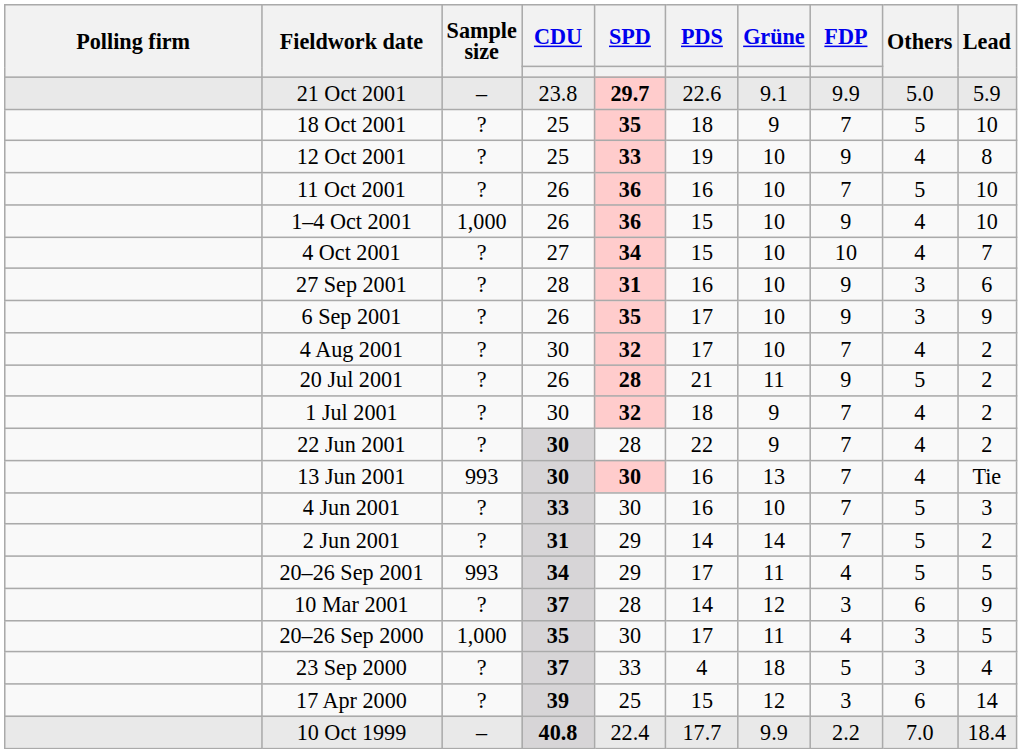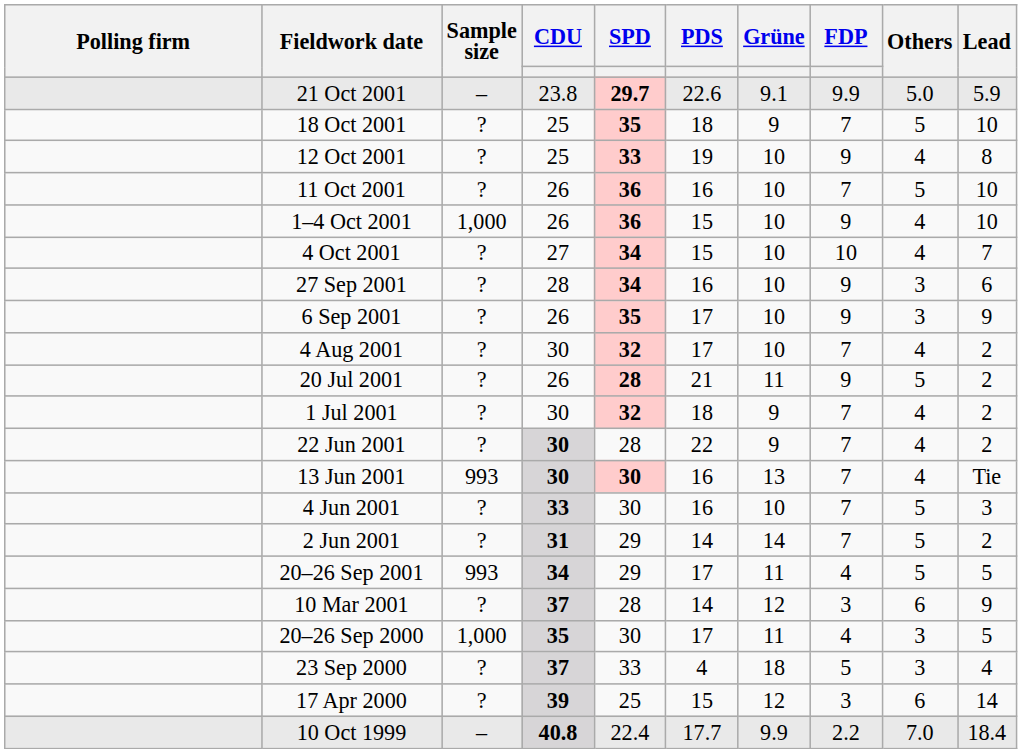 <table class="wikitable sortable" style="text-align:center;font-size:90%;line-height:14px;">
 <tr style="height:40px;">
 <th style="width:160px;" rowspan="2">Polling firm</th>
 <th style="width:110px;" rowspan="2">Fieldwork date</th>
 <th style="width:35px;" rowspan="2">Sample<br>size</th>
 <th class="unsortable" style="width:40px;"><a href='#'>CDU</a></th>
 <th class="unsortable" style="width:40px;"><a href='#'>SPD</a></th>
 <th class="unsortable" style="width:40px;"><a href='#'>PDS</a></th>
 <th class="unsortable" style="width:40px;"><a href='#'>Grüne</a></th>
 <th class="unsortable" style="width:40px;"><a href='#'>FDP</a></th>
 <th class="unsortable" style="width:40px;" rowspan="2">Others</th>
 <th style="width:30px;" rowspan="2">Lead</th>
 </tr>
 <tr>
 <th style="background:"></th>
 <th style="background:"></th>
 <th style="background:"></th>
 <th style="background:"></th>
 <th style="background:"></th>
 </tr>
 <tr style="background:#E9E9E9;">
 <td></td>
 <td data-sort-value="2001-10-21">21 Oct 2001</td>
 <td>–</td>
 <td>23.8</td>
 <td style="background:#FFCCCC;"><strong>29.7</strong></td>
 <td>22.6</td>
 <td>9.1</td>
 <td>9.9</td>
 <td>5.0</td>
 <td style="background:">5.9</td>
 </tr>
 <tr>
 <td></td>
 <td data-sort-value="2001-10-18">18 Oct 2001</td>
 <td>?</td>
 <td>25</td>
 <td style="background:#FFCCCC;"><strong>35</strong></td>
 <td>18</td>
 <td>9</td>
 <td>7</td>
 <td>5</td>
 <td style="background:">10</td>
 </tr>
 <tr>
 <td></td>
 <td data-sort-value="2001-10-12">12 Oct 2001</td>
 <td>?</td>
 <td>25</td>
 <td style="background:#FFCCCC;"><strong>33</strong></td>
 <td>19</td>
 <td>10</td>
 <td>9</td>
 <td>4</td>
 <td style="background:">8</td>
 </tr>
 <tr>
 <td></td>
 <td data-sort-value="2001-10-11">11 Oct 2001</td>
 <td>?</td>
 <td>26</td>
 <td style="background:#FFCCCC;"><strong>36</strong></td>
 <td>16</td>
 <td>10</td>
 <td>7</td>
 <td>5</td>
 <td style="background:">10</td>
 </tr>
 <tr>
 <td></td>
 <td data-sort-value="2001-10-05">1–4 Oct 2001</td>
 <td>1,000</td>
 <td>26</td>
 <td style="background:#FFCCCC;"><strong>36</strong></td>
 <td>15</td>
 <td>10</td>
 <td>9</td>
 <td>4</td>
 <td style="background:">10</td>
 </tr>
 <tr>
 <td></td>
 <td data-sort-value="2001-10-04">4 Oct 2001</td>
 <td>?</td>
 <td>27</td>
 <td style="background:#FFCCCC;"><strong>34</strong></td>
 <td>15</td>
 <td>10</td>
 <td>10</td>
 <td>4</td>
 <td style="background:">7</td>
 </tr>
 <tr>
 <td></td>
 <td data-sort-value="2001-09-27">27 Sep 2001</td>
 <td>?</td>
 <td>28</td>
-<td style="background:#FFCCCC;"><strong>31</strong></td>
+<td style="background:#FFCCCC;"><strong>34</strong></td>
 <td>16</td>
 <td>10</td>
 <td>9</td>
 <td>3</td>
 <td style="background:">6</td>
 </tr>
 <tr>
 <td></td>
 <td data-sort-value="2001-09-06">6 Sep 2001</td>
 <td>?</td>
 <td>26</td>
 <td style="background:#FFCCCC;"><strong>35</strong></td>
 <td>17</td>
 <td>10</td>
 <td>9</td>
 <td>3</td>
 <td style="background:">9</td>
 </tr>
 <tr>
 <td></td>
 <td data-sort-value="2001-08-04">4 Aug 2001</td>
 <td>?</td>
 <td>30</td>
 <td style="background:#FFCCCC;"><strong>32</strong></td>
 <td>17</td>
 <td>10</td>
 <td>7</td>
 <td>4</td>
 <td style="background:">2</td>
 </tr>
 <tr>
 <td></td>
 <td data-sort-value="2001-07-20">20 Jul 2001</td>
 <td>?</td>
 <td>26</td>
 <td style="background:#FFCCCC;"><strong>28</strong></td>
 <td>21</td>
 <td>11</td>
 <td>9</td>
 <td>5</td>
 <td style="background:">2</td>
 </tr>
 <tr>
 <td></td>
 <td data-sort-value="2001-07-01">1 Jul 2001</td>
 <td>?</td>
 <td>30</td>
 <td style="background:#FFCCCC;"><strong>32</strong></td>
 <td>18</td>
 <td>9</td>
 <td>7</td>
 <td>4</td>
 <td style="background:">2</td>
 </tr>
 <tr>
 <td></td>
 <td data-sort-value="2001-06-22">22 Jun 2001</td>
 <td>?</td>
 <td style="background:#D7D5D7;"><strong>30</strong></td>
 <td>28</td>
 <td>22</td>
 <td>9</td>
 <td>7</td>
 <td>4</td>
 <td style="background:">2</td>
 </tr>
 <tr>
 <td></td>
 <td data-sort-value="2001-06-13">13 Jun 2001</td>
 <td>993</td>
 <td style="background:#D7D5D7;"><strong>30</strong></td>
 <td style="background:#FFCCCC;"><strong>30</strong></td>
 <td>16</td>
 <td>13</td>
 <td>7</td>
 <td>4</td>
 <td data-sort-value="0">Tie</td>
 </tr>
 <tr>
 <td></td>
 <td data-sort-value="2001-06-04">4 Jun 2001</td>
 <td>?</td>
 <td style="background:#D7D5D7;"><strong>33</strong></td>
 <td>30</td>
 <td>16</td>
 <td>10</td>
 <td>7</td>
 <td>5</td>
 <td style="background:">3</td>
 </tr>
 <tr>
 <td></td>
 <td data-sort-value="2001-06-02">2 Jun 2001</td>
 <td>?</td>
 <td style="background:#D7D5D7;"><strong>31</strong></td>
 <td>29</td>
 <td>14</td>
 <td>14</td>
 <td>7</td>
 <td>5</td>
 <td style="background:">2</td>
 </tr>
 <tr>
 <td></td>
 <td data-sort-value="2001-03-17">20–26 Sep 2001</td>
 <td>993</td>
 <td style="background:#D7D5D7;"><strong>34</strong></td>
 <td>29</td>
 <td>17</td>
 <td>11</td>
 <td>4</td>
 <td>5</td>
 <td style="background:">5</td>
 </tr>
 <tr>
 <td></td>
 <td data-sort-value="2001-03-10">10 Mar 2001</td>
 <td>?</td>
 <td style="background:#D7D5D7;"><strong>37</strong></td>
 <td>28</td>
 <td>14</td>
 <td>12</td>
 <td>3</td>
 <td>6</td>
 <td style="background:">9</td>
 </tr>
 <tr>
 <td></td>
 <td data-sort-value="2000-09-30">20–26 Sep 2000</td>
 <td>1,000</td>
 <td style="background:#D7D5D7;"><strong>35</strong></td>
 <td>30</td>
 <td>17</td>
 <td>11</td>
 <td>4</td>
 <td>3</td>
 <td style="background:">5</td>
 </tr>
 <tr>
 <td></td>
 <td data-sort-value="2000-09-23">23 Sep 2000</td>
 <td>?</td>
 <td style="background:#D7D5D7;"><strong>37</strong></td>
 <td>33</td>
 <td>4</td>
 <td>18</td>
 <td>5</td>
 <td>3</td>
 <td style="background:">4</td>
 </tr>
 <tr>
 <td></td>
 <td data-sort-value="2000-04-17">17 Apr 2000</td>
 <td>?</td>
 <td style="background:#D7D5D7;"><strong>39</strong></td>
 <td>25</td>
 <td>15</td>
 <td>12</td>
 <td>3</td>
 <td>6</td>
 <td style="background:">14</td>
 </tr>
 <tr style="background:#E9E9E9;">
 <td></td>
 <td data-sort-value="1999-10-10">10 Oct 1999</td>
 <td>–</td>
 <td style="background:#D7D5D7;"><strong>40.8</strong></td>
 <td>22.4</td>
 <td>17.7</td>
 <td>9.9</td>
 <td>2.2</td>
 <td>7.0</td>
 <td style="background:">18.4</td>
 </tr>
 </table>
